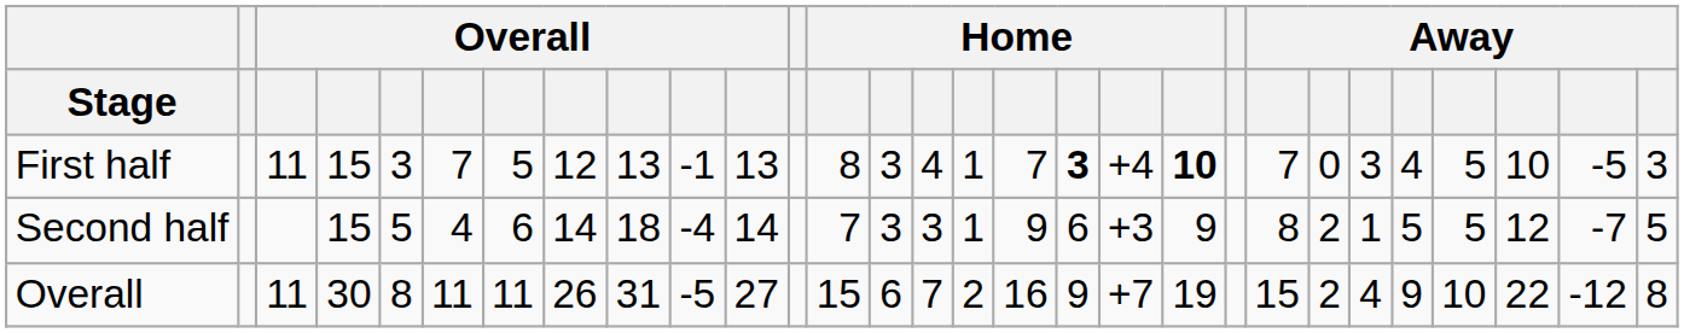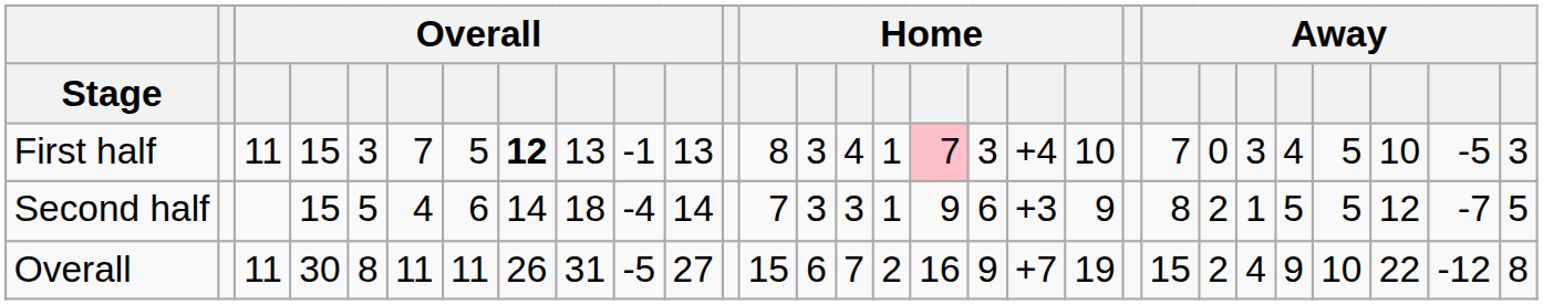 <table class="wikitable" style="text-align: right;">
 <tr>
 <th rawspan=2></th>
 <th rawspan=2></th>
 <th colspan=9>Overall</th>
 <th rawspan=1></th>
 <th colspan=8>Home</th>
 <th rawspan=1></th>
 <th colspan=8>Away</th>
 </tr>
 <tr>
 <th>Stage</th>
 <th></th>
 <th></th>
 <th></th>
 <th></th>
 <th></th>
 <th></th>
 <th></th>
 <th></th>
 <th></th>
 <th></th>
 <th></th>
 <th></th>
 <th></th>
 <th></th>
 <th></th>
 <th></th>
 <th></th>
 <th></th>
 <th></th>
 <th></th>
 <th></th>
 <th></th>
 <th></th>
 <th></th>
 <th></th>
 <th></th>
 <th></th>
 <th></th>
 </tr>
 <tr>
 <td align="left">First half</td>
 <td></td>
 <td>11</td>
 <td>15</td>
 <td>3</td>
 <td>7</td>
 <td>5</td>
-<td>12</td>
+<td><strong>12</strong></td>
 <td>13</td>
 <td>-1</td>
 <td>13</td>
 <td></td>
 <td>8</td>
 <td>3</td>
 <td>4</td>
 <td>1</td>
-<td>7</td>
-<td><strong>3</strong></td>
+<td style="background: pink;">7</td>
+<td>3</td>
 <td>+4</td>
-<td><strong>10</strong></td>
+<td>10</td>
 <td></td>
 <td>7</td>
 <td>0</td>
 <td>3</td>
 <td>4</td>
 <td>5</td>
 <td>10</td>
 <td>-5</td>
 <td>3</td>
 </tr>
 <tr>
 <td align="left">Second half</td>
 <td></td>
 <td></td>
 <td>15</td>
 <td>5</td>
 <td>4</td>
 <td>6</td>
 <td>14</td>
 <td>18</td>
 <td>-4</td>
 <td>14</td>
 <td></td>
 <td>7</td>
 <td>3</td>
 <td>3</td>
 <td>1</td>
 <td>9</td>
 <td>6</td>
 <td>+3</td>
 <td>9</td>
 <td></td>
 <td>8</td>
 <td>2</td>
 <td>1</td>
 <td>5</td>
 <td>5</td>
 <td>12</td>
 <td>-7</td>
 <td>5</td>
 </tr>
 <tr>
 <td align="left">Overall</td>
 <td></td>
 <td>11</td>
 <td>30</td>
 <td>8</td>
 <td>11</td>
 <td>11</td>
 <td>26</td>
 <td>31</td>
 <td>-5</td>
 <td>27</td>
 <td></td>
 <td>15</td>
 <td>6</td>
 <td>7</td>
 <td>2</td>
 <td>16</td>
 <td>9</td>
 <td>+7</td>
 <td>19</td>
 <td></td>
 <td>15</td>
 <td>2</td>
 <td>4</td>
 <td>9</td>
 <td>10</td>
 <td>22</td>
 <td>-12</td>
 <td>8</td>
 </tr>
 </table>
